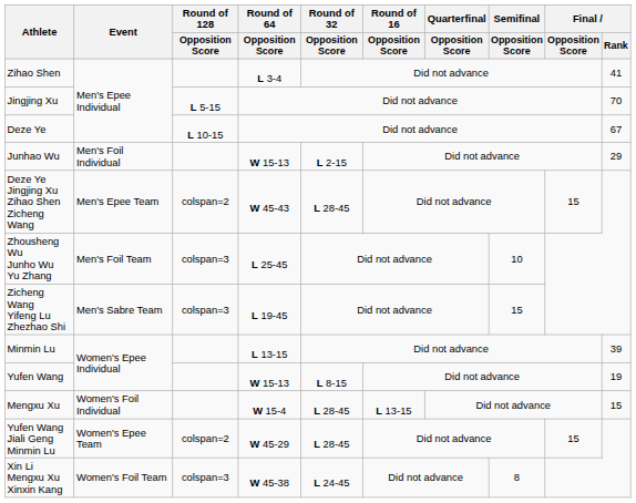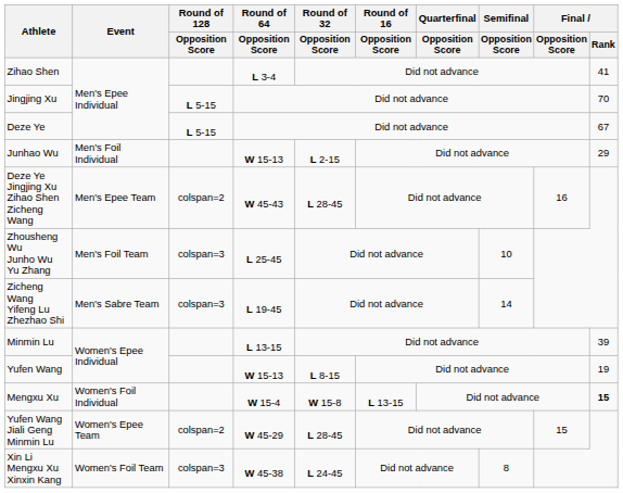 <table class="wikitable" style="font-size:90%">
 <tr>
 <th rowspan=2>Athlete</th>
 <th rowspan=2>Event</th>
 <th>Round of 128</th>
 <th>Round of 64</th>
 <th>Round of 32</th>
 <th>Round of 16</th>
 <th>Quarterfinal</th>
 <th>Semifinal</th>
 <th colspan=2>Final / </th>
 </tr>
 <tr style="font-size:95%">
 <th>Opposition<br>Score</th>
 <th>Opposition<br>Score</th>
 <th>Opposition<br>Score</th>
 <th>Opposition<br>Score</th>
 <th>Opposition<br>Score</th>
 <th>Opposition<br>Score</th>
 <th>Opposition<br>Score</th>
 <th>Rank</th>
 </tr>
 <tr align=center>
 <td align=left>Zihao Shen</td>
 <td align=left rowspan=3>Men's Epee Individual</td>
 <td></td>
 <td><br><strong>L</strong> 3-4</td>
 <td colspan=5>Did not advance</td>
 <td>41</td>
 </tr>
 <tr align=center>
 <td align=left>Jingjing Xu</td>
 <td><br><strong>L</strong> 5-15</td>
 <td colspan=6>Did not advance</td>
 <td>70</td>
 </tr>
 <tr align=center>
 <td align=left>Deze Ye</td>
-<td><br><strong>L</strong> 10-15</td>
+<td><br><strong>L</strong> 5-15</td>
 <td colspan=6>Did not advance</td>
 <td>67</td>
 </tr>
 <tr align=center>
 <td align=left>Junhao Wu</td>
 <td align=left>Men's Foil Individual</td>
 <td></td>
 <td><br><strong>W</strong> 15-13</td>
 <td><br><strong>L</strong> 2-15</td>
 <td colspan=4>Did not advance</td>
 <td>29</td>
 </tr>
 <tr align=center>
 <td align=left>Deze Ye<br>Jingjing Xu<br>Zihao Shen<br>Zicheng Wang</td>
 <td align=left>Men's Epee Team</td>
 <td>colspan=2 </td>
 <td><br><strong>W</strong> 45-43</td>
 <td><br><strong>L</strong> 28-45</td>
 <td colspan=3>Did not advance</td>
-<td>15</td>
+<td>16</td>
 </tr>
 <tr align=center>
 <td align=left>Zhousheng Wu<br>Junho Wu<br>Yu Zhang</td>
 <td align=left>Men's Foil Team</td>
 <td>colspan=3 </td>
 <td><br><strong>L</strong> 25-45</td>
 <td colspan=3>Did not advance</td>
 <td>10</td>
 </tr>
 <tr align=center>
 <td align=left>Zicheng Wang<br>Yifeng Lu<br>Zhezhao Shi</td>
 <td align=left>Men's Sabre Team</td>
 <td>colspan=3 </td>
 <td><br><strong>L</strong> 19-45</td>
 <td colspan=3>Did not advance</td>
-<td>15</td>
+<td>14</td>
 </tr>
 <tr align=center>
 <td align=left>Minmin Lu</td>
 <td align=left rowspan=2>Women's Epee Individual</td>
 <td></td>
 <td><br><strong>L</strong> 13-15</td>
 <td colspan=5>Did not advance</td>
 <td>39</td>
 </tr>
 <tr align=center>
 <td align=left>Yufen Wang</td>
 <td></td>
 <td><br><strong>W</strong> 15-13</td>
 <td><br><strong>L</strong> 8-15</td>
 <td colspan=4>Did not advance</td>
 <td>19</td>
 </tr>
 <tr align=center>
 <td align=left>Mengxu Xu</td>
 <td align=left>Women's Foil Individual</td>
 <td></td>
 <td><br><strong>W</strong> 15-4</td>
-<td><br><strong>L</strong> 28-45</td>
+<td><br><strong>W</strong> 15-8</td>
 <td><br><strong>L</strong> 13-15</td>
 <td colspan=3>Did not advance</td>
-<td>15</td>
+<td><strong>15</strong></td>
 </tr>
 <tr align=center>
 <td align=left>Yufen Wang<br>Jiali Geng<br>Minmin Lu</td>
 <td align=left>Women's Epee Team</td>
 <td>colspan=2 </td>
 <td><br><strong>W</strong> 45-29</td>
 <td><br><strong>L</strong> 28-45</td>
 <td colspan=3>Did not advance</td>
 <td>15</td>
 </tr>
 <tr align=center>
 <td align=left>Xin Li<br>Mengxu Xu<br>Xinxin Kang</td>
 <td align=left>Women's Foil Team</td>
 <td>colspan=3 </td>
 <td><br><strong>W</strong> 45-38</td>
 <td><br><strong>L</strong> 24-45</td>
 <td colspan=2>Did not advance</td>
 <td>8</td>
 </tr>
 </table>
